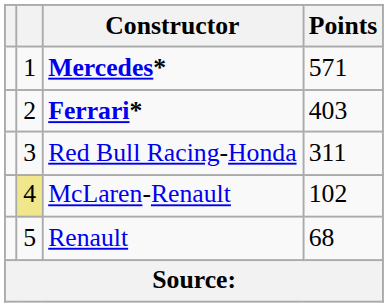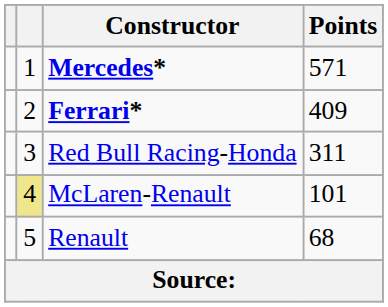 <table class="wikitable" style="font-size: 85%;">
 <tr>
 <th></th>
 <th></th>
 <th>Constructor</th>
 <th>Points</th>
 </tr>
 <tr>
 <td align="left"></td>
 <td align="center">1</td>
 <td> <strong><a href='#'>Mercedes</a>*</strong></td>
 <td align="left">571</td>
 </tr>
 <tr>
 <td align="left"></td>
 <td align="center">2</td>
 <td> <strong><a href='#'>Ferrari</a>*</strong></td>
-<td align="left">403</td>
+<td align="left">409</td>
 </tr>
 <tr>
 <td align="left"></td>
 <td align="center">3</td>
 <td> <a href='#'>Red Bull Racing</a>-<a href='#'>Honda</a></td>
 <td align="left">311</td>
 </tr>
 <tr>
 <td align="left"></td>
 <td align="center" style="background: khaki;">4</td>
 <td> <a href='#'>McLaren</a>-<a href='#'>Renault</a></td>
-<td align="left">102</td>
+<td align="left">101</td>
 </tr>
 <tr>
 <td align="left"></td>
 <td align="center">5</td>
 <td> <a href='#'>Renault</a></td>
 <td align="left">68</td>
 </tr>
 <tr>
 <th colspan="4" align="center">Source:</th>
 </tr>
 </table>
